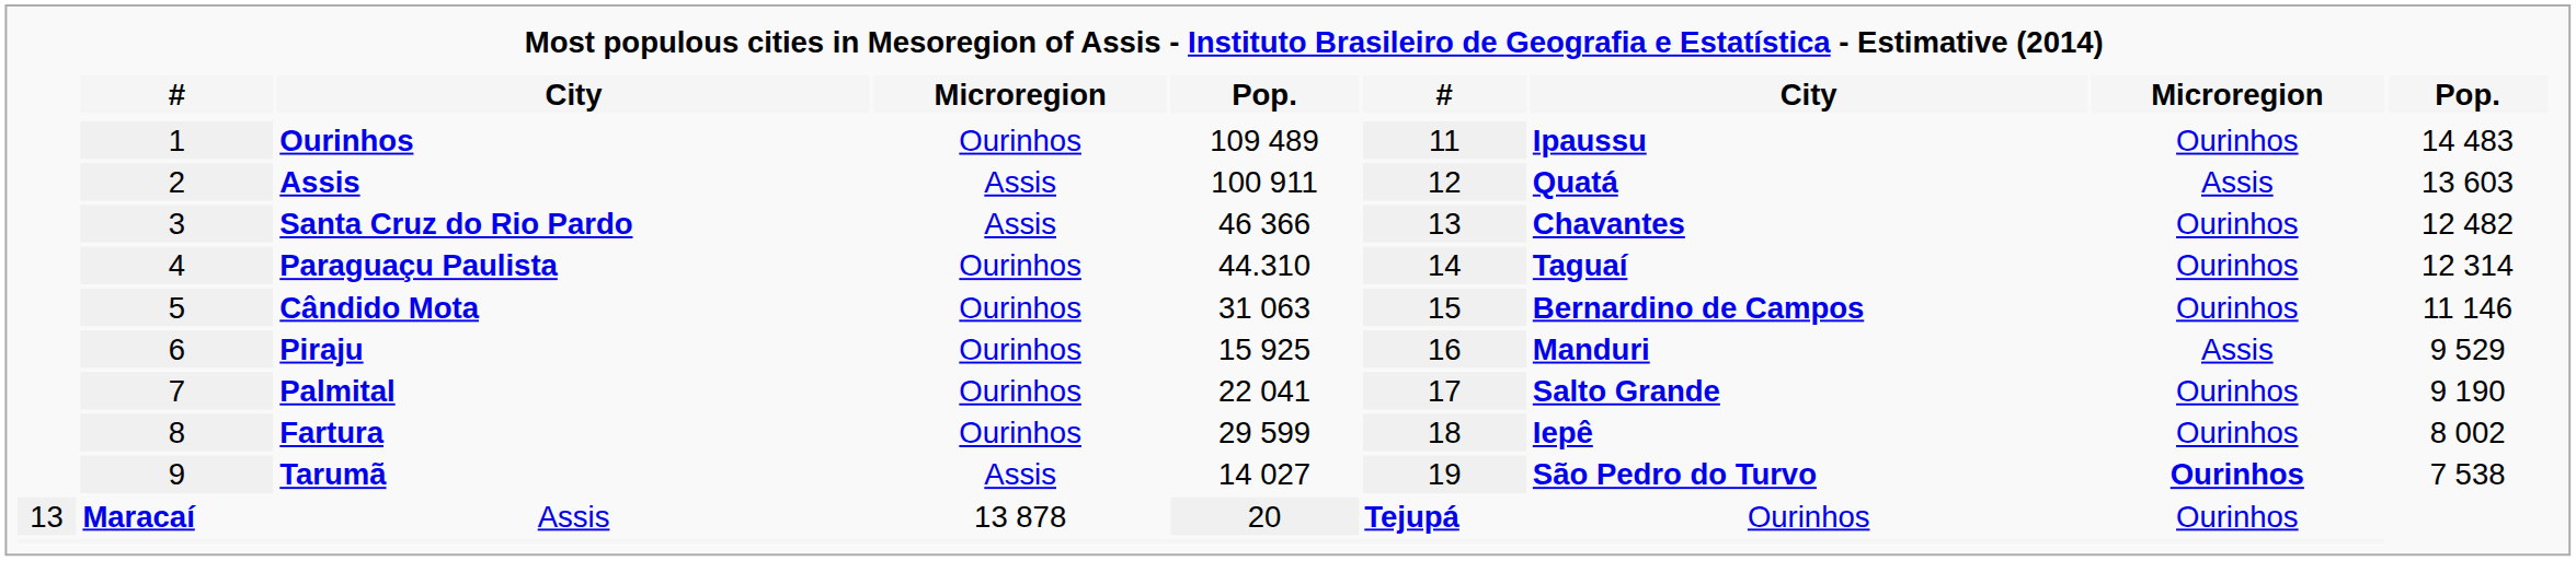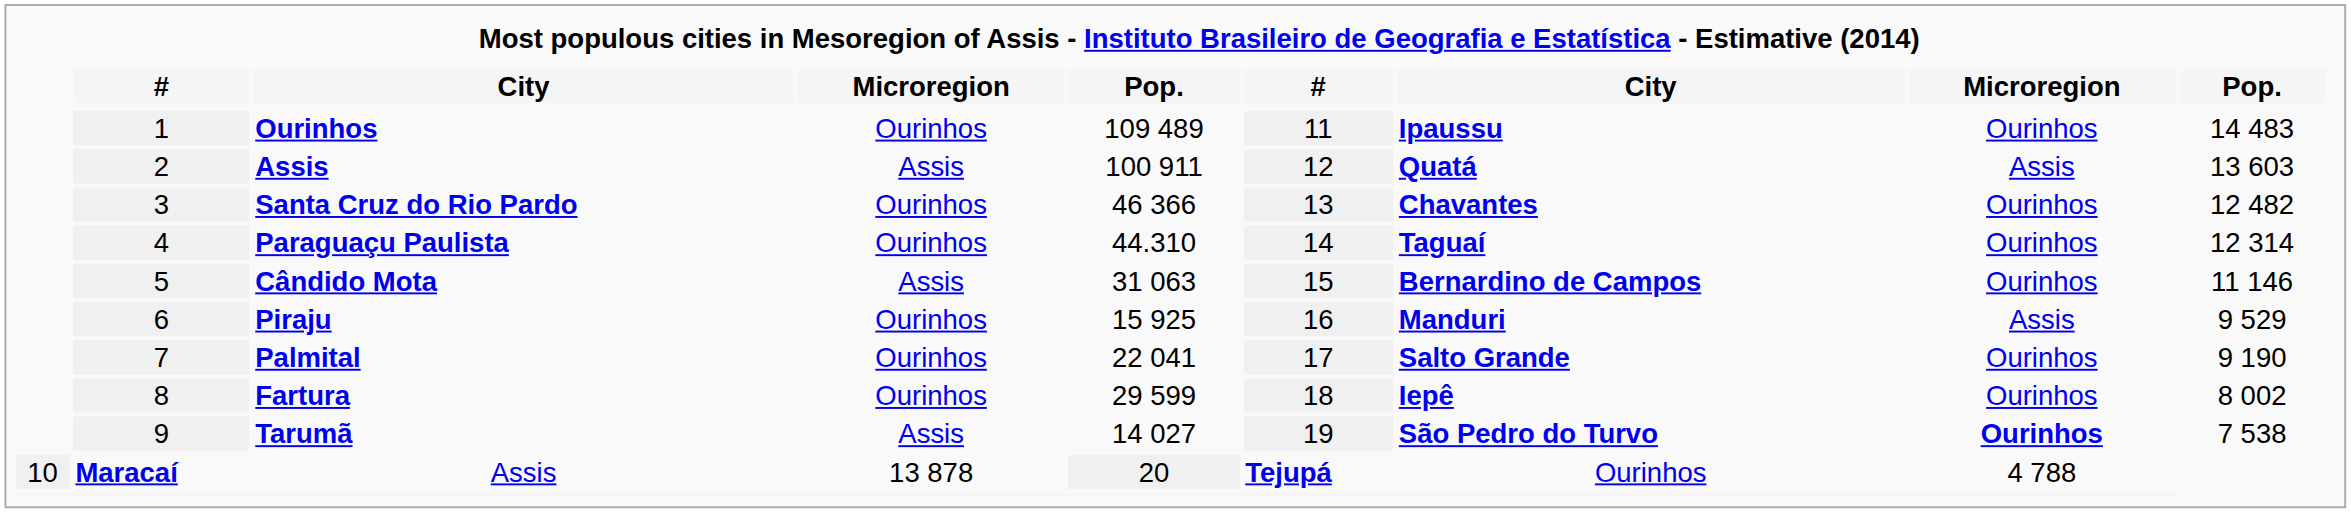 <table class="infobox" style="float:center; text-align:center; width:97%; margin-right:10px; font-size:90%;vertical-align:middle;">
 <tr>
 <th colspan=1></th>
 <th colspan="8" style="padding:0.3em 0; line-height:1.2em;">Most populous cities in Mesoregion of Assis - <a href='#'>Instituto Brasileiro de Geografia e Estatística</a> - Estimative (2014) </th>
 <th colspan=1></th>
 </tr>
 <tr>
 <th rowspan=11></th>
 <th align=center style="background:#f5f5f5;">#</th>
 <th align=center style="background:#f5f5f5;">City</th>
 <th align=center style="background:#f5f5f5;">Microregion</th>
 <th align=center style="background:#f5f5f5;">Pop.</th>
 <th align=center style="background:#f5f5f5;">#</th>
 <th align=center style="background:#f5f5f5;">City</th>
 <th align=center style="background:#f5f5f5;">Microregion</th>
 <th align=center style="background:#f5f5f5;">Pop.</th>
 <th rowspan=11></th>
 </tr>
 <tr>
 </tr>
 <tr>
 <td align=center style="background:#f0f0f0;">1</td>
 <td align=left><strong><a href='#'>Ourinhos</a></strong></td>
 <td><a href='#'>Ourinhos</a></td>
 <td>109 489</td>
 <td align=center style="background:#f0f0f0;">11</td>
 <td align=left><strong><a href='#'>Ipaussu</a></strong></td>
 <td><a href='#'>Ourinhos</a></td>
 <td>14 483</td>
 </tr>
 <tr>
 <td align=center style="background:#f0f0f0;">2</td>
 <td align=left><strong><a href='#'>Assis</a></strong></td>
 <td><a href='#'>Assis</a></td>
 <td>100 911</td>
 <td align=center style="background:#f0f0f0;">12</td>
 <td align=left><strong><a href='#'>Quatá</a></strong></td>
 <td><a href='#'>Assis</a></td>
 <td>13 603</td>
 </tr>
 <tr>
 <td align=center style="background:#f0f0f0;">3</td>
 <td align=left><strong><a href='#'>Santa Cruz do Rio Pardo</a></strong></td>
-<td><a href='#'>Assis</a></td>
+<td><a href='#'>Ourinhos</a></td>
 <td>46 366</td>
 <td align=center style="background:#f0f0f0;">13</td>
 <td align=left><strong><a href='#'>Chavantes</a></strong></td>
 <td><a href='#'>Ourinhos</a></td>
 <td>12 482</td>
 </tr>
 <tr>
 <td align=center style="background:#f0f0f0;">4</td>
 <td align=left><strong><a href='#'>Paraguaçu Paulista</a></strong></td>
 <td><a href='#'>Ourinhos</a></td>
 <td>44.310</td>
 <td align=center style="background:#f0f0f0;">14</td>
 <td align=left><strong><a href='#'>Taguaí</a></strong></td>
 <td><a href='#'>Ourinhos</a></td>
 <td>12 314</td>
 </tr>
 <tr>
 <td align=center style="background:#f0f0f0;">5</td>
 <td align=left><strong><a href='#'>Cândido Mota</a></strong></td>
-<td><a href='#'>Ourinhos</a></td>
+<td><a href='#'>Assis</a></td>
 <td>31 063</td>
 <td align=center style="background:#f0f0f0;">15</td>
 <td align=left><strong><a href='#'>Bernardino de Campos</a></strong></td>
 <td><a href='#'>Ourinhos</a></td>
 <td>11 146</td>
 </tr>
 <tr>
 <td align=center style="background:#f0f0f0;">6</td>
 <td align=left><strong><a href='#'>Piraju</a></strong></td>
 <td><a href='#'>Ourinhos</a></td>
 <td>15 925</td>
 <td align=center style="background:#f0f0f0;">16</td>
 <td align=left><strong><a href='#'>Manduri</a></strong></td>
 <td><a href='#'>Assis</a></td>
 <td>9 529</td>
 </tr>
 <tr>
 <td align=center style="background:#f0f0f0;">7</td>
 <td align=left><strong><a href='#'>Palmital</a></strong></td>
 <td><a href='#'>Ourinhos</a></td>
 <td>22 041</td>
 <td align=center style="background:#f0f0f0;">17</td>
 <td align=left><strong><a href='#'>Salto Grande</a></strong></td>
 <td><a href='#'>Ourinhos</a></td>
 <td>9 190</td>
 </tr>
 <tr>
 <td align=center style="background:#f0f0f0;">8</td>
 <td align=left><strong><a href='#'>Fartura</a></strong></td>
 <td><a href='#'>Ourinhos</a></td>
 <td>29 599</td>
 <td align=center style="background:#f0f0f0;">18</td>
 <td align=left><strong><a href='#'>Iepê</a></strong></td>
 <td><a href='#'>Ourinhos</a></td>
 <td>8 002</td>
 </tr>
 <tr>
 <td align=center style="background:#f0f0f0;">9</td>
 <td align=left><strong><a href='#'>Tarumã</a></strong></td>
 <td><a href='#'>Assis</a></td>
 <td>14 027</td>
 <td align=center style="background:#f0f0f0;">19</td>
 <td align=left><strong><a href='#'>São Pedro do Turvo</a></strong></td>
 <td><strong><a href='#'>Ourinhos</a></strong></td>
 <td>7 538</td>
 </tr>
 <tr>
-<td align=center style="background:#f0f0f0;">13</td>
+<td align=center style="background:#f0f0f0;">10</td>
 <td align=left><strong><a href='#'>Maracaí</a></strong></td>
 <td><a href='#'>Assis</a></td>
 <td>13 878</td>
 <td align=center style="background:#f0f0f0;">20</td>
 <td align=left><strong><a href='#'>Tejupá</a></strong></td>
 <td><a href='#'>Ourinhos</a></td>
-<td><a href='#'>Ourinhos</a></td>
+<td>4 788</td>
 </tr>
 <tr>
 <td colspan="8" align=center style="background:#f5f5f5;"></td>
 </tr>
 </table>
